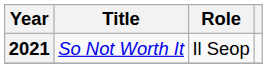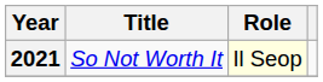 <table class="wikitable sortable plainrowheaders">
 <tr>
 <th scope="col">Year</th>
 <th scope="col">Title</th>
 <th scope="col">Role</th>
 <th scope="col" class="unsortable"></th>
 </tr>
 <tr>
 <th scope="row">2021</th>
 <td><em><a href='#'>So Not Worth It</a></em></td>
-<td>Il Seop</td>
+<td style="background: lightyellow;">Il Seop</td>
 <td></td>
 </tr>
 <tr>
 </tr>
 </table>
